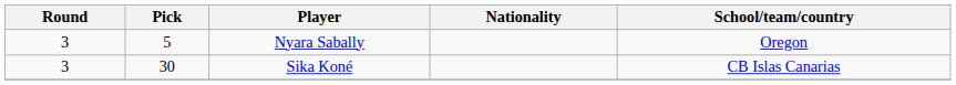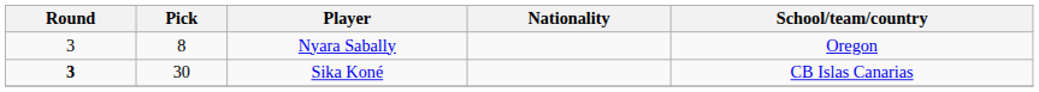 <table class="wikitable" style="text-align:center; width:60em">
 <tr>
 <th>Round</th>
 <th>Pick</th>
 <th>Player</th>
 <th>Nationality</th>
 <th>School/team/country</th>
 </tr>
 <tr>
 <td>3</td>
-<td>5</td>
+<td>8</td>
 <td><a href='#'>Nyara Sabally</a></td>
 <td></td>
 <td><a href='#'>Oregon</a></td>
 </tr>
 <tr>
-<td>3</td>
+<td><strong>3</strong></td>
 <td>30</td>
 <td><a href='#'>Sika Koné</a></td>
 <td></td>
 <td><a href='#'>CB Islas Canarias</a> </td>
 </tr>
 <tr>
 </tr>
 </table>
